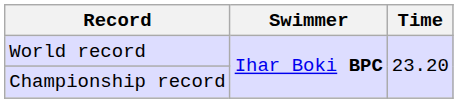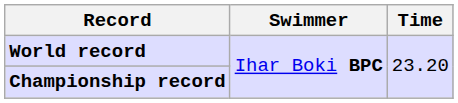 <table class="wikitable" style="text-align:left">
 <tr>
 <th>Record</th>
 <th>Swimmer</th>
 <th>Time</th>
 </tr>
 <tr bgcolor=ddddff>
-<td>World record</td>
+<td><strong>World record</strong></td>
 <td rowspan=2><a href='#'>Ihar Boki</a> <strong>BPC</strong></td>
 <td rowspan=2>23.20</td>
 </tr>
 <tr bgcolor=ddddff>
-<td>Championship record</td>
+<td><strong>Championship record</strong></td>
 </tr>
 </table>
